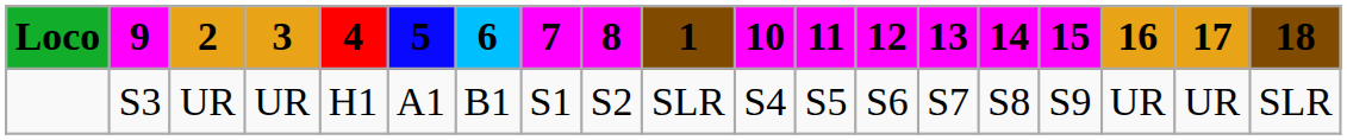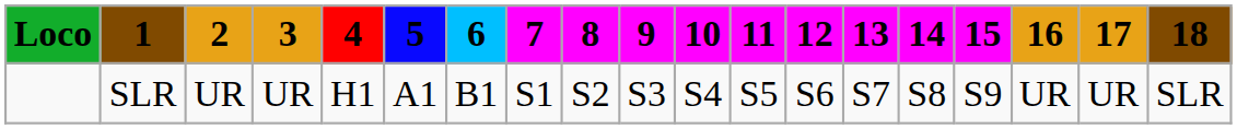 <table class="wikitable plainrowheaders unsortable" style="text-align:center">
 <tr>
 <th scope="col" style="background:#12ad2b;"><span>Loco</span></th>
-<th scope="col" style="background:#ff00ff;"><span>9</span></th>
+<th scope="col" style="background:#804a00;"><span>1</span></th>
 <th scope="col" style="background:#e8a317;"><span>2</span></th>
 <th scope="col" style="background:#e8a317;"><span>3</span></th>
 <th scope="col" style="background:#ff0000;"><span>4</span></th>
 <th scope="col" style="background:#0909ff;"><span>5</span></th>
 <th scope="col" style="background:#00bfff;"><span>6</span></th>
 <th scope="col" style="background:#ff00ff;"><span>7</span></th>
 <th scope="col" style="background:#ff00ff;"><span>8</span></th>
-<th scope="col" style="background:#804a00;"><span>1</span></th>
+<th scope="col" style="background:#ff00ff;"><span>9</span></th>
 <th scope="col" style="background:#ff00ff;"><span>10</span></th>
 <th scope="col" style="background:#ff00ff;"><span>11</span></th>
 <th scope="col" style="background:#ff00ff;"><span>12</span></th>
 <th scope="col" style="background:#ff00ff;"><span>13</span></th>
 <th scope="col" style="background:#ff00ff;"><span>14</span></th>
 <th scope="col" style="background:#ff00ff;"><span>15</span></th>
 <th scope="col" style="background:#e8a317;"><span>16</span></th>
 <th scope="col" style="background:#e8a317;"><span>17</span></th>
 <th scope="col" style="background:#804a00;"><span>18</span></th>
 </tr>
 <tr>
 <td></td>
-<td>S3</td>
+<td>SLR</td>
 <td>UR</td>
 <td>UR</td>
 <td>H1</td>
 <td>A1</td>
 <td>B1</td>
 <td>S1</td>
 <td>S2</td>
-<td>SLR</td>
+<td>S3</td>
 <td>S4</td>
 <td>S5</td>
 <td>S6</td>
 <td>S7</td>
 <td>S8</td>
 <td>S9</td>
 <td>UR</td>
 <td>UR</td>
 <td>SLR</td>
 </tr>
 </table>
